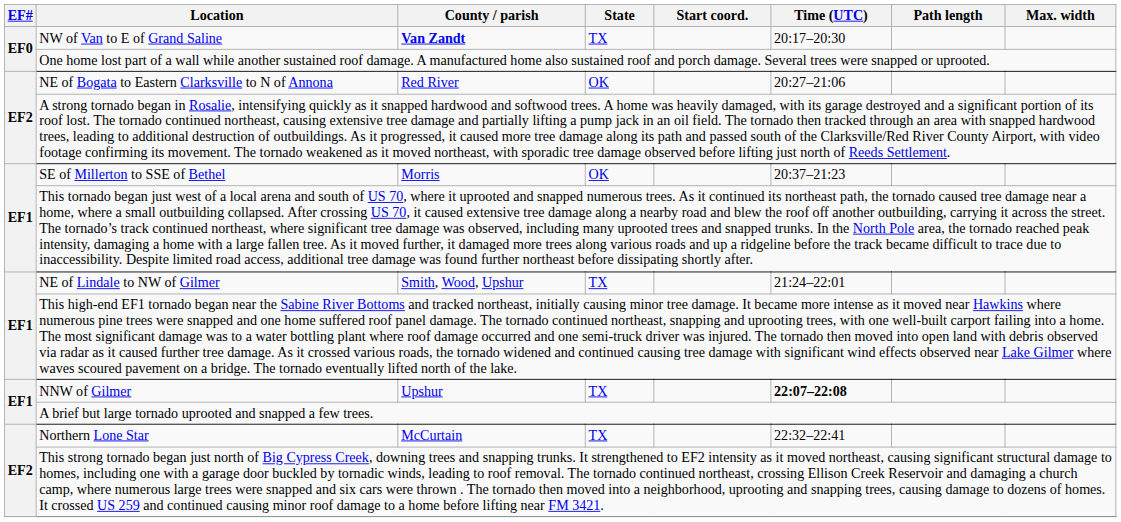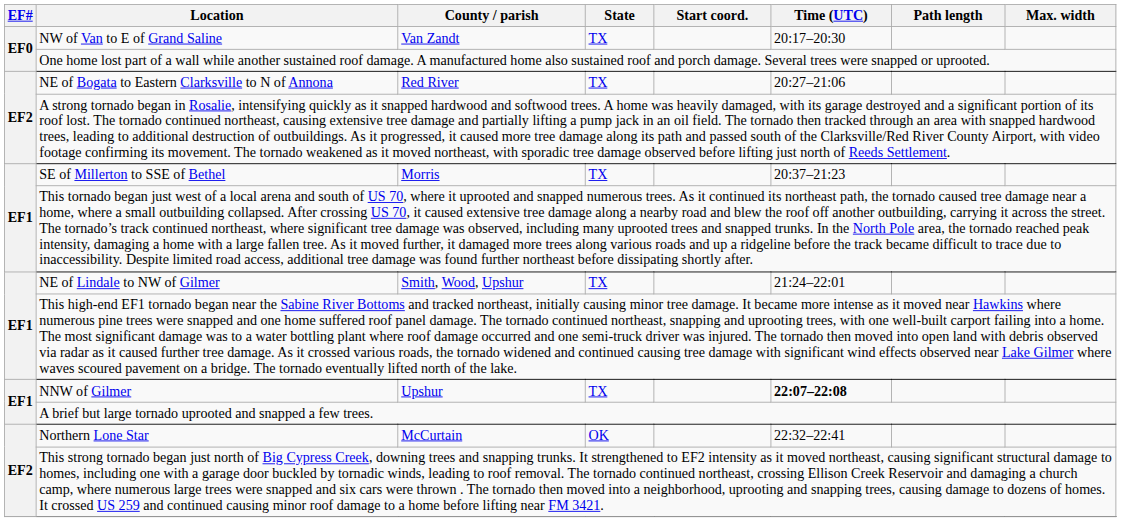 <table class="wikitable sortable" style="width:100%;">
 <tr>
 <th scope="col" width="2%" align="center"><a href='#'>EF#</a></th>
 <th scope="col" align="center" class="unsortable">Location</th>
 <th scope="col" align="center" class="unsortable">County / parish</th>
 <th scope="col" align="center">State</th>
 <th scope="col" align="center">Start coord.</th>
 <th scope="col" align="center">Time (<a href='#'>UTC</a>)</th>
 <th scope="col" align="center">Path length</th>
 <th scope="col" align="center">Max. width</th>
 </tr>
 <tr>
 <th scope="row" rowspan="2" style="background-color:#">EF0</th>
 <td>NW of <a href='#'>Van</a> to E of <a href='#'>Grand Saline</a></td>
-<td><strong><a href='#'>Van Zandt</a></strong></td>
+<td><a href='#'>Van Zandt</a></td>
 <td><a href='#'>TX</a></td>
 <td></td>
 <td>20:17–20:30</td>
 <td></td>
 <td></td>
 </tr>
 <tr class="expand-child">
 <td colspan="8" style=" border-bottom: 1px solid black;">One home lost part of a wall while another sustained roof damage. A manufactured home also sustained roof and porch damage. Several trees were snapped or uprooted.</td>
 </tr>
 <tr>
 <th scope="row" rowspan="2" style="background-color:#">EF2</th>
 <td>NE of <a href='#'>Bogata</a> to Eastern <a href='#'>Clarksville</a> to N of <a href='#'>Annona</a></td>
 <td><a href='#'>Red River</a></td>
-<td><a href='#'>OK</a></td>
+<td><a href='#'>TX</a></td>
 <td></td>
 <td>20:27–21:06</td>
 <td></td>
 <td></td>
 </tr>
 <tr class="expand-child">
 <td colspan="8" style=" border-bottom: 1px solid black;">A strong tornado began in <a href='#'>Rosalie</a>, intensifying quickly as it snapped hardwood and softwood trees. A home was heavily damaged, with its garage destroyed and a significant portion of its roof lost. The tornado continued northeast, causing extensive tree damage and partially lifting a pump jack in an oil field. The tornado then tracked through an area with snapped hardwood trees, leading to additional destruction of outbuildings. As it progressed, it caused more tree damage along its path and passed south of the Clarksville/Red River County Airport, with video footage confirming its movement. The tornado weakened as it moved northeast, with sporadic tree damage observed before lifting just north of <a href='#'>Reeds Settlement</a>.</td>
 </tr>
 <tr>
 <th scope="row" rowspan="2" style="background-color:#">EF1</th>
 <td>SE of <a href='#'>Millerton</a> to SSE of <a href='#'>Bethel</a></td>
 <td><a href='#'>Morris</a></td>
-<td><a href='#'>OK</a></td>
+<td><a href='#'>TX</a></td>
 <td></td>
 <td>20:37–21:23</td>
 <td></td>
 <td></td>
 </tr>
 <tr class="expand-child">
 <td colspan="8" style=" border-bottom: 1px solid black;">This tornado began just west of a local arena and south of <a href='#'>US 70</a>, where it uprooted and snapped numerous trees. As it continued its northeast path, the tornado caused tree damage near a home, where a small outbuilding collapsed. After crossing <a href='#'>US 70</a>, it caused extensive tree damage along a nearby road and blew the roof off another outbuilding, carrying it across the street. The tornado’s track continued northeast, where significant tree damage was observed, including many uprooted trees and snapped trunks. In the <a href='#'>North Pole</a> area, the tornado reached peak intensity, damaging a home with a large fallen tree. As it moved further, it damaged more trees along various roads and up a ridgeline before the track became difficult to trace due to inaccessibility. Despite limited road access, additional tree damage was found further northeast before dissipating shortly after.</td>
 </tr>
 <tr>
 <th scope="row" rowspan="2" style="background-color:#">EF1</th>
 <td>NE of <a href='#'>Lindale</a> to NW of <a href='#'>Gilmer</a></td>
 <td><a href='#'>Smith</a>, <a href='#'>Wood</a>, <a href='#'>Upshur</a></td>
 <td><a href='#'>TX</a></td>
 <td></td>
 <td>21:24–22:01</td>
 <td></td>
 <td></td>
 </tr>
 <tr class="expand-child">
 <td colspan="8" style=" border-bottom: 1px solid black;">This high-end EF1 tornado began near the <a href='#'>Sabine River Bottoms</a> and tracked northeast, initially causing minor tree damage. It became more intense as it moved near <a href='#'>Hawkins</a> where numerous pine trees were snapped and one home suffered roof panel damage. The tornado continued northeast, snapping and uprooting trees, with one well-built carport failing into a home. The most significant damage was to a water bottling plant where roof damage occurred and one semi-truck driver was injured. The tornado then moved into open land with debris observed via radar as it caused further tree damage. As it crossed various roads, the tornado widened and continued causing tree damage with significant wind effects observed near <a href='#'>Lake Gilmer</a> where waves scoured pavement on a bridge. The tornado eventually lifted north of the lake.</td>
 </tr>
 <tr>
 <th scope="row" rowspan="2" style="background-color:#">EF1</th>
 <td>NNW of <a href='#'>Gilmer</a></td>
 <td><a href='#'>Upshur</a></td>
 <td><a href='#'>TX</a></td>
 <td></td>
 <td><strong>22:07–22:08</strong></td>
 <td></td>
 <td></td>
 </tr>
 <tr class="expand-child">
 <td colspan="8" style=" border-bottom: 1px solid black;">A brief but large tornado uprooted and snapped a few trees.    </td>
 </tr>
 <tr>
 <th scope="row" rowspan="2" style="background-color:#">EF2</th>
 <td>Northern <a href='#'>Lone Star</a></td>
 <td><a href='#'>McCurtain</a></td>
-<td><a href='#'>TX</a></td>
+<td><a href='#'>OK</a></td>
 <td></td>
 <td>22:32–22:41</td>
 <td></td>
 <td></td>
 </tr>
 <tr class="expand-child">
 <td colspan="8" style=" border-bottom: 1px solid black;">This strong tornado began just north of <a href='#'>Big Cypress Creek</a>, downing trees and snapping trunks. It strengthened to EF2 intensity as it moved northeast, causing significant structural damage to homes, including one with a garage door buckled by tornadic winds, leading to roof removal. The tornado continued northeast, crossing Ellison Creek Reservoir and damaging a church camp, where numerous large trees were snapped and six cars were thrown . The tornado then moved into a neighborhood, uprooting and snapping trees, causing damage to dozens of homes. It crossed <a href='#'>US 259</a> and continued causing minor roof damage to a home before lifting near <a href='#'>FM 3421</a>.</td>
 </tr>
 <tr>
 </tr>
 </table>
